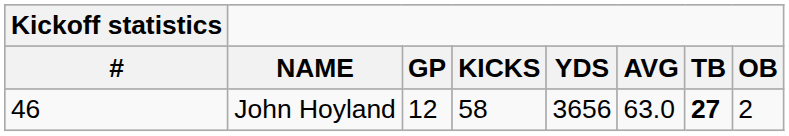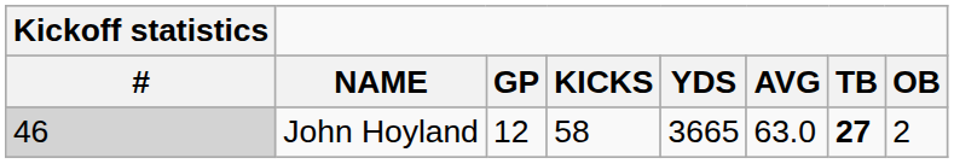 <table class="wikitable collapsible">
 <tr>
 <th style="text-align:center; ">Kickoff statistics</th>
 </tr>
 <tr>
 <th>#</th>
 <th>NAME</th>
 <th>GP</th>
 <th>KICKS</th>
 <th>YDS</th>
 <th>AVG</th>
 <th>TB</th>
 <th>OB</th>
 </tr>
 <tr>
-<td>46</td>
+<td style="background: lightgrey;">46</td>
 <td>John Hoyland</td>
 <td>12</td>
 <td>58</td>
-<td>3656</td>
+<td>3665</td>
 <td>63.0</td>
 <td><strong>27</strong></td>
 <td>2</td>
 </tr>
 </table>
